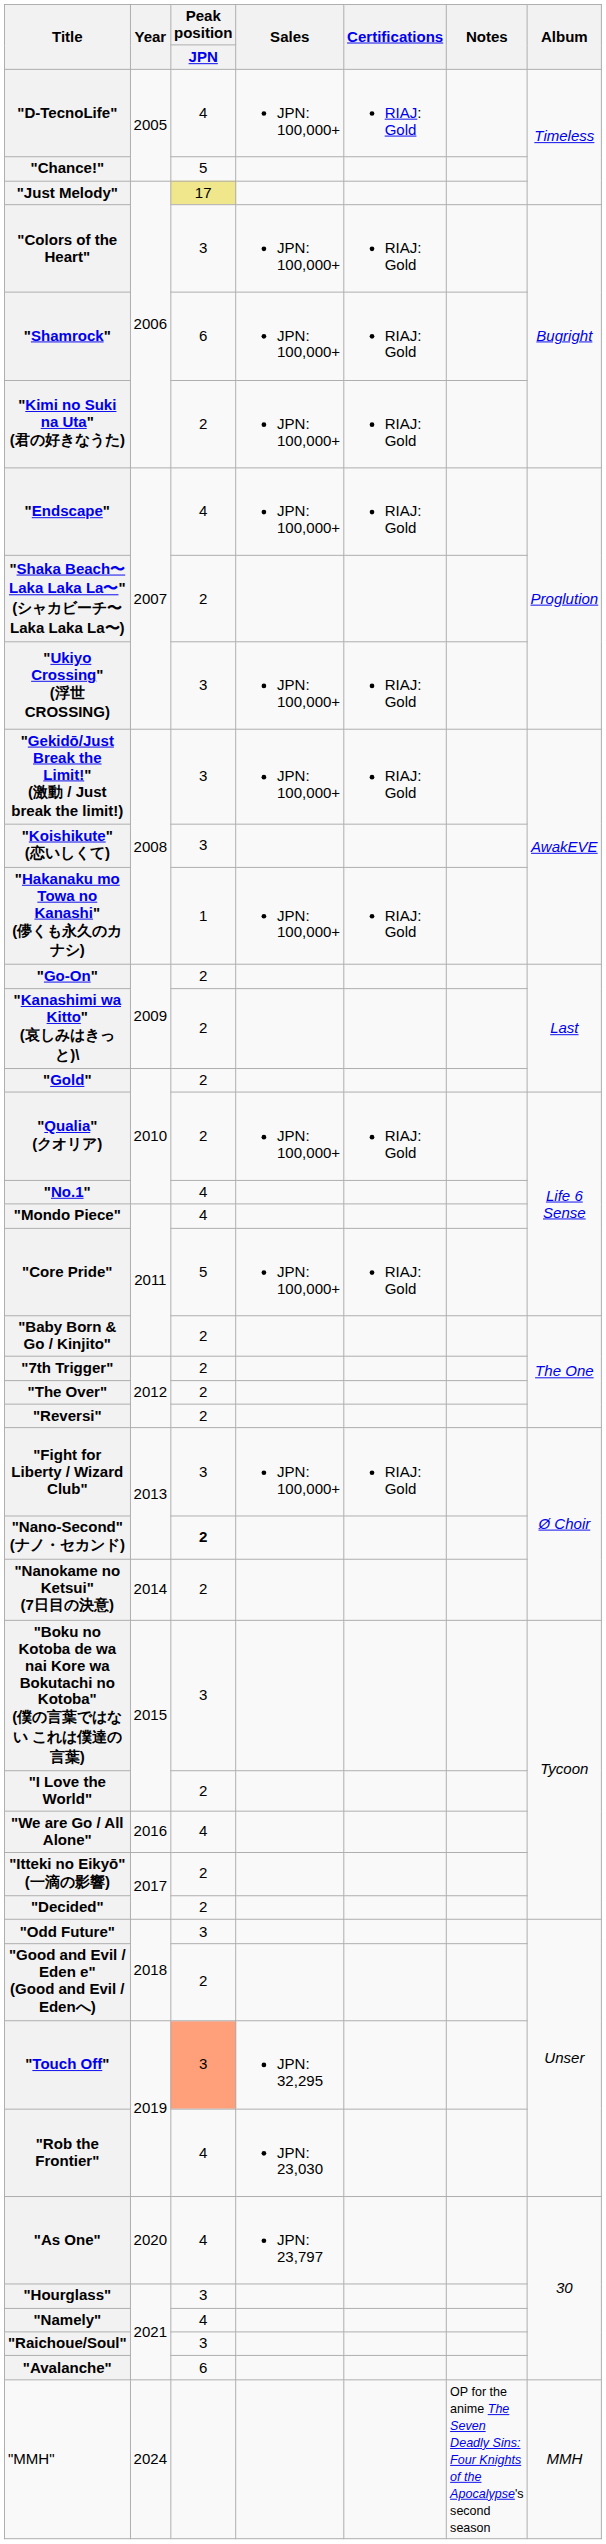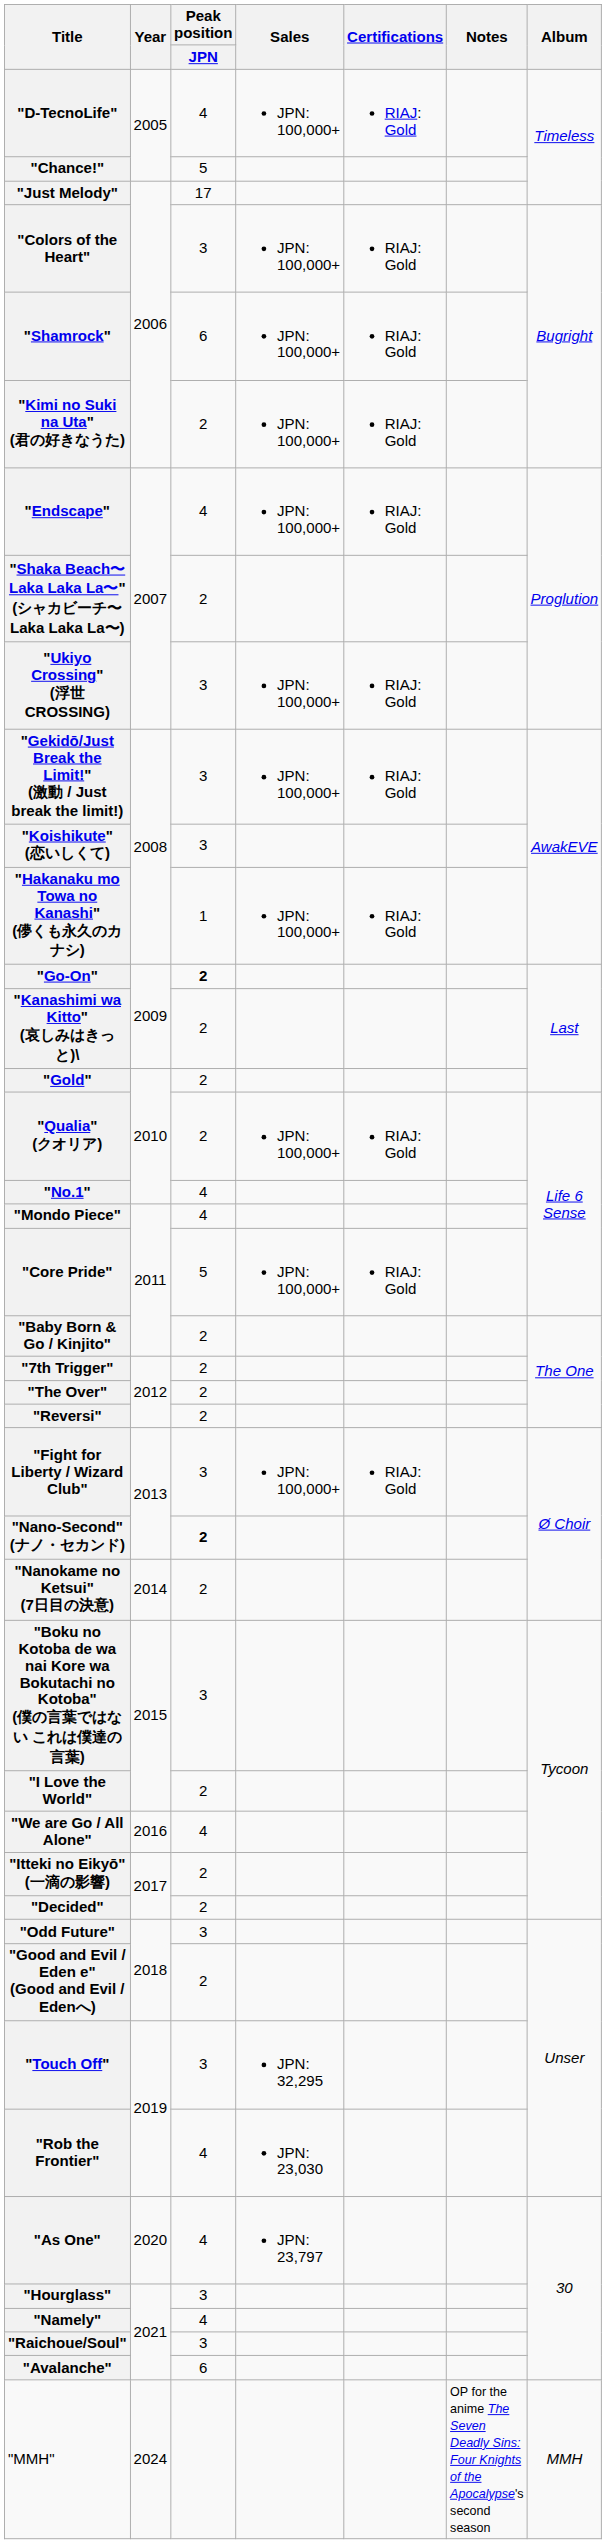 <table class="wikitable plainrowheaders">
 <tr>
 <th scope="col" rowspan="2">Title</th>
 <th scope="col" rowspan="2">Year</th>
 <th scope="col" colspan="1">Peak position</th>
 <th scope="col" rowspan="2">Sales</th>
 <th scope="col" rowspan="2"><a href='#'>Certifications</a></th>
 <th scope="col" rowspan="2">Notes</th>
 <th scope="col" rowspan="2">Album</th>
 </tr>
 <tr>
 <th scope="col"><a href='#'>JPN</a><br></th>
 </tr>
 <tr>
 <th scope="row">"D-TecnoLife"</th>
 <td align="center" rowspan="2">2005</td>
 <td align="center">4</td>
 <td><br><ul><li>JPN: 100,000+</li></ul></td>
 <td><br><ul><li><a href='#'>RIAJ</a>: <a href='#'>Gold</a></li></ul></td>
 <td></td>
 <td rowspan="3" align="center"><em><a href='#'>Timeless</a></em></td>
 </tr>
 <tr>
 <th scope="row">"Chance!"</th>
 <td align="center">5</td>
 <td></td>
 <td></td>
 <td></td>
 </tr>
 <tr>
 <th scope="row">"Just Melody"</th>
 <td align="center" rowspan="4">2006</td>
-<td align="center" style="background: khaki;">17</td>
+<td align="center">17</td>
 <td></td>
 <td></td>
 <td></td>
 </tr>
 <tr>
 <th scope="row">"Colors of the Heart"</th>
 <td align="center">3</td>
 <td><br><ul><li>JPN: 100,000+</li></ul></td>
 <td><br><ul><li>RIAJ: Gold</li></ul></td>
 <td></td>
 <td rowspan="3" align="center"><em><a href='#'>Bugright</a></em></td>
 </tr>
 <tr>
 <th scope="row">"<a href='#'>Shamrock</a>"</th>
 <td align="center">6</td>
 <td><br><ul><li>JPN: 100,000+</li></ul></td>
 <td><br><ul><li>RIAJ: Gold</li></ul></td>
 <td></td>
 </tr>
 <tr>
 <th scope="row">"<a href='#'>Kimi no Suki na Uta</a>" <br>(君の好きなうた)</th>
 <td align="center">2</td>
 <td><br><ul><li>JPN: 100,000+</li></ul></td>
 <td><br><ul><li>RIAJ: Gold</li></ul></td>
 <td></td>
 </tr>
 <tr>
 <th scope="row">"<a href='#'>Endscape</a>"</th>
 <td align="center" rowspan="3">2007</td>
 <td align="center">4</td>
 <td><br><ul><li>JPN: 100,000+</li></ul></td>
 <td><br><ul><li>RIAJ: Gold</li></ul></td>
 <td></td>
 <td rowspan="3" align="center"><em><a href='#'>Proglution</a></em></td>
 </tr>
 <tr>
 <th scope="row">"<a href='#'>Shaka Beach〜Laka Laka La〜</a>" <br>(シャカビーチ〜Laka Laka La〜)</th>
 <td align="center">2</td>
 <td></td>
 <td></td>
 <td></td>
 </tr>
 <tr>
 <th scope="row">"<a href='#'>Ukiyo Crossing</a>" <br>(浮世CROSSING)</th>
 <td align="center">3</td>
 <td><br><ul><li>JPN: 100,000+</li></ul></td>
 <td><br><ul><li>RIAJ: Gold</li></ul></td>
 <td></td>
 </tr>
 <tr>
 <th scope="row">"<a href='#'>Gekidō/Just Break the Limit!</a>" <br>(激動 / Just break the limit!)</th>
 <td align="center" rowspan="3">2008</td>
 <td align="center">3</td>
 <td><br><ul><li>JPN: 100,000+</li></ul></td>
 <td><br><ul><li>RIAJ: Gold</li></ul></td>
 <td></td>
 <td rowspan="3" align="center"><em><a href='#'>AwakEVE</a></em></td>
 </tr>
 <tr>
 <th scope="row">"<a href='#'>Koishikute</a>" <br>(恋いしくて)</th>
 <td align="center">3</td>
 <td></td>
 <td></td>
 <td></td>
 </tr>
 <tr>
 <th scope="row">"<a href='#'>Hakanaku mo Towa no Kanashi</a>" <br>(儚くも永久のカナシ)</th>
 <td align="center">1</td>
 <td><br><ul><li>JPN: 100,000+</li></ul></td>
 <td><br><ul><li>RIAJ: Gold</li></ul></td>
 <td></td>
 </tr>
 <tr>
 <th scope="row">"<a href='#'>Go-On</a>"</th>
 <td align="center" rowspan="2">2009</td>
-<td align="center">2</td>
+<td align="center"><strong>2</strong></td>
 <td></td>
 <td></td>
 <td></td>
 <td rowspan="3" align="center"><em><a href='#'>Last</a></em></td>
 </tr>
 <tr>
 <th scope="row">"<a href='#'>Kanashimi wa Kitto</a>" <br>(哀しみはきっと)\</th>
 <td align="center">2</td>
 <td></td>
 <td></td>
 <td></td>
 </tr>
 <tr>
 <th scope="row">"<a href='#'>Gold</a>"</th>
 <td align="center" rowspan="3">2010</td>
 <td align="center">2</td>
 <td></td>
 <td></td>
 <td></td>
 </tr>
 <tr>
 <th scope="row">"<a href='#'>Qualia</a>" <br>(クオリア)</th>
 <td align="center">2</td>
 <td><br><ul><li>JPN: 100,000+</li></ul></td>
 <td><br><ul><li>RIAJ: Gold</li></ul></td>
 <td></td>
 <td rowspan="4" align="center"><em><a href='#'>Life 6 Sense</a></em></td>
 </tr>
 <tr>
 <th scope="row">"<a href='#'>No.1</a>"</th>
 <td align="center">4</td>
 <td></td>
 <td></td>
 <td></td>
 </tr>
 <tr>
 <th scope="row">"Mondo Piece"</th>
 <td align="center" rowspan="3">2011</td>
 <td align="center">4</td>
 <td></td>
 <td></td>
 <td></td>
 </tr>
 <tr>
 <th scope="row">"Core Pride"</th>
 <td align="center">5</td>
 <td><br><ul><li>JPN: 100,000+</li></ul></td>
 <td><br><ul><li>RIAJ: Gold</li></ul></td>
 <td></td>
 </tr>
 <tr>
 <th scope="row">"Baby Born & Go / Kinjito"</th>
 <td align="center">2</td>
 <td></td>
 <td></td>
 <td></td>
 <td rowspan="4" align="center"><em><a href='#'>The One</a></em></td>
 </tr>
 <tr>
 <th scope="row">"7th Trigger"</th>
 <td align="center" rowspan="3">2012</td>
 <td align="center">2</td>
 <td></td>
 <td></td>
 <td></td>
 </tr>
 <tr>
 <th scope="row">"The Over"</th>
 <td align="center">2</td>
 <td></td>
 <td></td>
 <td></td>
 </tr>
 <tr>
 <th scope="row">"Reversi"</th>
 <td align="center">2</td>
 <td></td>
 <td></td>
 <td></td>
 </tr>
 <tr>
 <th scope="row">"Fight for Liberty / Wizard Club"</th>
 <td align="center" rowspan="2">2013</td>
 <td align="center">3</td>
 <td><br><ul><li>JPN: 100,000+</li></ul></td>
 <td><br><ul><li>RIAJ: Gold</li></ul></td>
 <td></td>
 <td rowspan="3" align="center"><em><a href='#'>Ø Choir</a></em></td>
 </tr>
 <tr>
 <th scope="row">"Nano-Second" <br>(ナノ・セカンド)</th>
 <td align="center"><strong>2</strong></td>
 <td></td>
 <td></td>
 <td></td>
 </tr>
 <tr>
 <th scope="row">"Nanokame no Ketsui" <br>(7日目の決意)</th>
 <td align="center" rowspan="1">2014</td>
 <td align="center">2</td>
 <td></td>
 <td></td>
 <td></td>
 </tr>
 <tr>
 <th scope="row">"Boku no Kotoba de wa nai Kore wa Bokutachi no Kotoba" <br>(僕の言葉ではない これは僕達の言葉)</th>
 <td align="center" rowspan="2">2015</td>
 <td align="center">3</td>
 <td></td>
 <td></td>
 <td></td>
 <td rowspan="5" align="center"><em>Tycoon</em></td>
 </tr>
 <tr>
 <th scope="row">"I Love the World"</th>
 <td align="center">2</td>
 <td></td>
 <td></td>
 <td></td>
 </tr>
 <tr>
 <th scope="row">"We are Go / All Alone"</th>
 <td align="center" rowspan="1">2016</td>
 <td align="center">4</td>
 <td></td>
 <td></td>
 <td></td>
 </tr>
 <tr>
 <th scope="row">"Itteki no Eikyō" <br>(一滴の影響)</th>
 <td align="center" rowspan="2">2017</td>
 <td align="center">2</td>
 <td></td>
 <td></td>
 <td></td>
 </tr>
 <tr>
 <th scope="row">"Decided"</th>
 <td align="center">2</td>
 <td></td>
 <td></td>
 <td></td>
 </tr>
 <tr>
 <th scope="row">"Odd Future"</th>
 <td align="center" rowspan="2">2018</td>
 <td align="center">3</td>
 <td></td>
 <td></td>
 <td></td>
 <td align="center" rowspan="4"><em>Unser</em></td>
 </tr>
 <tr>
 <th scope="row">"Good and Evil / Eden e"<br>(Good and Evil / Edenへ)</th>
 <td align="center">2</td>
 <td></td>
 <td></td>
 <td></td>
 </tr>
 <tr>
 <th scope="row">"<a href='#'>Touch Off</a>"</th>
 <td align="center" rowspan="2">2019</td>
-<td align="center" style="background: lightsalmon;">3</td>
+<td align="center">3</td>
 <td><br><ul><li>JPN: 32,295</li></ul></td>
 <td></td>
 <td></td>
 </tr>
 <tr>
 <th scope="row">"Rob the Frontier"</th>
 <td align="center">4</td>
 <td><br><ul><li>JPN: 23,030</li></ul></td>
 <td></td>
 <td></td>
 </tr>
 <tr>
 <th scope="row">"As One"</th>
 <td align="center">2020</td>
 <td align="center">4</td>
 <td><br><ul><li>JPN: 23,797</li></ul></td>
 <td></td>
 <td></td>
 <td rowspan="5" align="center"><em>30</em></td>
 </tr>
 <tr>
 <th scope="row">"Hourglass"</th>
 <td align="center" rowspan="4">2021</td>
 <td align="center">3</td>
 <td></td>
 <td></td>
 <td></td>
 </tr>
 <tr>
 <th scope="row">"Namely"</th>
 <td align="center">4</td>
 <td></td>
 <td></td>
 <td></td>
 </tr>
 <tr>
 <th scope="row">"Raichoue/Soul"</th>
 <td align="center">3</td>
 <td></td>
 <td></td>
 <td></td>
 </tr>
 <tr>
 <th scope="row">"Avalanche"</th>
 <td align="center">6</td>
 <td></td>
 <td></td>
 <td></td>
 </tr>
 <tr>
 <td scope="row">"MMH"</td>
 <td>2024</td>
 <td></td>
 <td></td>
 <td></td>
 <td><small>OP for the anime <a href='#'><em>The Seven Deadly Sins: Four Knights of the Apocalypse</em></a>'s second season</small></td>
 <td align="center"><em>MMH</em></td>
 </tr>
 </table>
